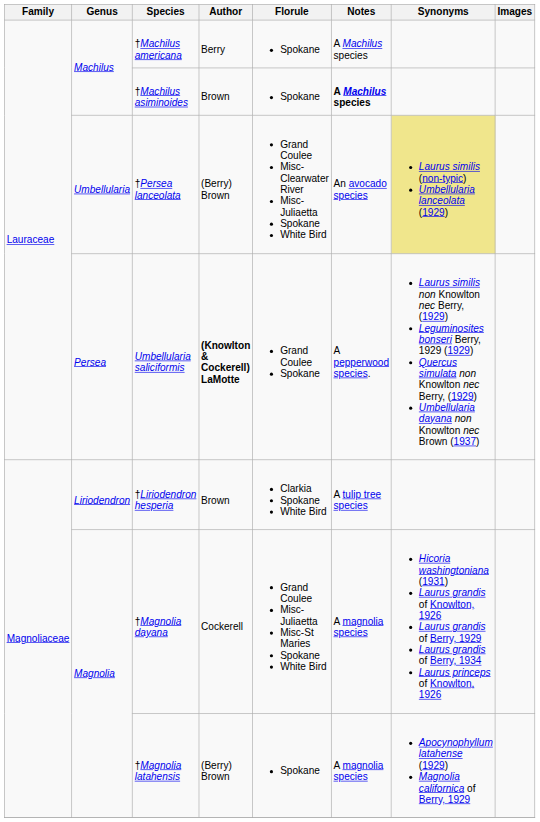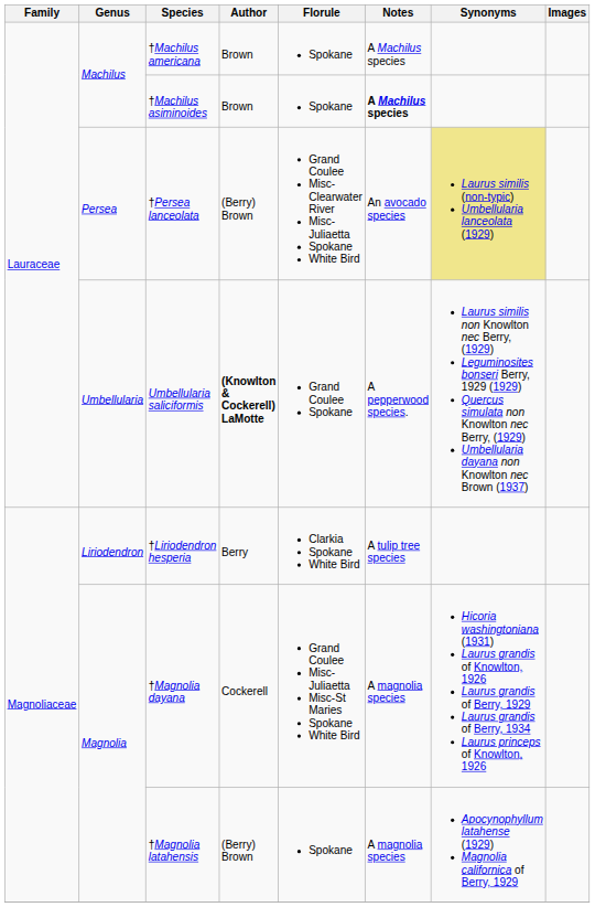 <table class="wikitable sortable mw-collapsible" style="margin:auto; width:100%">
 <tr>
 <th>Family</th>
 <th>Genus</th>
 <th>Species</th>
 <th>Author</th>
 <th>Florule</th>
 <th>Notes</th>
 <th>Synonyms</th>
 <th>Images</th>
 </tr>
 <tr>
 <td rowspan=4><a href='#'>Lauraceae</a></td>
 <td rowspan=2><em><a href='#'>Machilus</a></em></td>
 <td><br>†<em><a href='#'>Machilus americana</a></em></td>
-<td><br>Berry</td>
+<td><br>Brown</td>
 <td><br><ul><li>Spokane</li></ul></td>
 <td><br>A <em><a href='#'>Machilus</a></em> species</td>
 <td></td>
 <td></td>
 </tr>
 <tr>
 <td><br>†<em><a href='#'>Machilus asiminoides</a></em></td>
 <td><br>Brown</td>
 <td><br><ul><li>Spokane</li></ul></td>
 <td><strong><br>A <em><a href='#'>Machilus</a></em> species</strong></td>
 <td></td>
 <td></td>
 </tr>
 <tr>
-<td><br><em><a href='#'>Umbellularia</a></em></td>
+<td><br><em><a href='#'>Persea</a></em></td>
 <td><br>†<em><a href='#'>Persea lanceolata</a></em></td>
 <td><br>(Berry) Brown</td>
 <td><br><ul><li>Grand Coulee</li><li>Misc-Clearwater River</li><li>Misc-Juliaetta</li><li>Spokane</li><li>White Bird</li></ul></td>
 <td><br>An <a href='#'>avocado species</a></td>
 <td style="background: khaki;"><br><ul><li><em><a href='#'>Laurus similis</a></em> (<a href='#'>non-typic</a>)</li><li><em><a href='#'>Umbellularia lanceolata</a></em> (<a href='#'>1929</a>)</li></ul></td>
 <td><br></td>
 </tr>
 <tr>
-<td><br><em><a href='#'>Persea</a></em></td>
+<td><br><em><a href='#'>Umbellularia</a></em></td>
 <td><br><em><a href='#'>Umbellularia saliciformis</a></em></td>
 <td><strong><br>(Knowlton & Cockerell) LaMotte</strong></td>
 <td><br><ul><li>Grand Coulee</li><li>Spokane</li></ul></td>
 <td><br>A <a href='#'>pepperwood species</a>.</td>
 <td><br><ul><li><em><a href='#'>Laurus similis</a></em> <em>non</em> Knowlton <em>nec</em> Berry, (<a href='#'>1929</a>)</li><li><em><a href='#'>Leguminosites bonseri</a></em> Berry, 1929 (<a href='#'>1929</a>)</li><li><em><a href='#'>Quercus simulata</a></em> <em>non</em> Knowlton <em>nec</em> Berry, (<a href='#'>1929</a>)</li><li><em><a href='#'>Umbellularia dayana</a></em> <em>non</em> Knowlton <em>nec</em> Brown (<a href='#'>1937</a>)</li></ul></td>
 <td><br></td>
 </tr>
 <tr>
 <td rowspan=3><a href='#'>Magnoliaceae</a></td>
 <td><br><em><a href='#'>Liriodendron</a></em></td>
 <td><br>†<em><a href='#'>Liriodendron hesperia</a></em></td>
-<td><br>Brown</td>
+<td><br>Berry</td>
 <td><br><ul><li>Clarkia</li><li>Spokane</li><li>White Bird</li></ul></td>
 <td><br>A <a href='#'>tulip tree species</a></td>
 <td></td>
 <td><br></td>
 </tr>
 <tr>
 <td rowspan=2><em><a href='#'>Magnolia</a></em></td>
 <td><br>†<em><a href='#'>Magnolia dayana</a></em></td>
 <td><br>Cockerell</td>
 <td><br><ul><li>Grand Coulee</li><li>Misc-Juliaetta</li><li>Misc-St Maries</li><li>Spokane</li><li>White Bird</li></ul></td>
 <td><br>A <a href='#'>magnolia species</a></td>
 <td><br><ul><li><em><a href='#'>Hicoria washingtoniana</a></em> (<a href='#'>1931</a>)</li><li><em><a href='#'>Laurus grandis</a></em> of <a href='#'>Knowlton, 1926</a></li><li><em><a href='#'>Laurus grandis</a></em> of <a href='#'>Berry, 1929</a></li><li><em><a href='#'>Laurus grandis</a></em> of <a href='#'>Berry, 1934</a></li><li><em><a href='#'>Laurus princeps</a></em> of <a href='#'>Knowlton, 1926</a></li></ul></td>
 <td><br></td>
 </tr>
 <tr>
 <td><br>†<em><a href='#'>Magnolia latahensis</a></em></td>
 <td><br>(Berry) Brown</td>
 <td><br><ul><li>Spokane</li></ul></td>
 <td><br>A <a href='#'>magnolia species</a></td>
 <td><br><ul><li><em><a href='#'>Apocynophyllum latahense</a></em> (<a href='#'>1929</a>)</li><li><em><a href='#'>Magnolia californica</a></em> of <a href='#'>Berry, 1929</a></li></ul></td>
 <td><br></td>
 </tr>
 <tr>
 </tr>
 </table>
